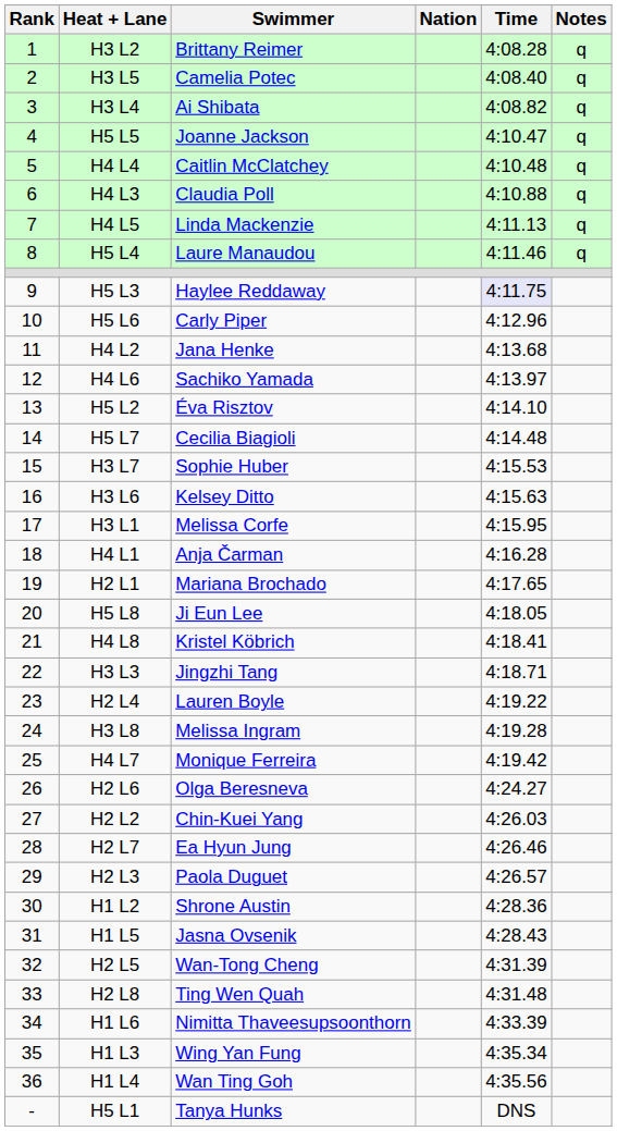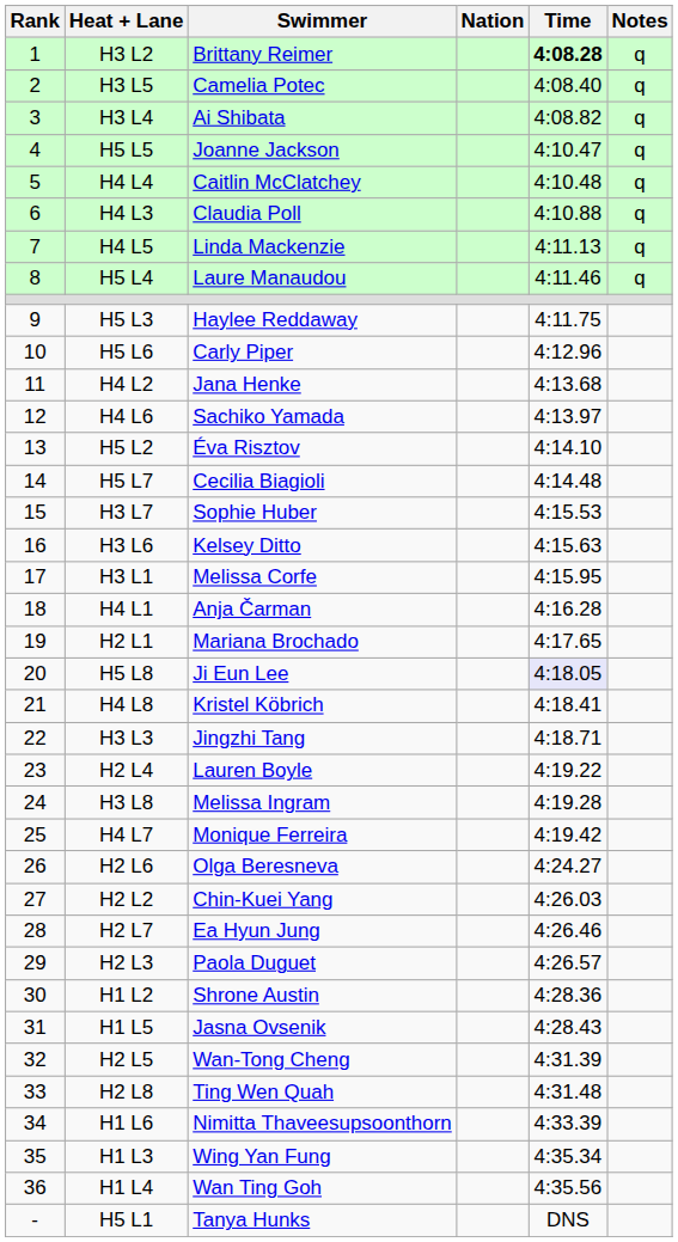 <table class="wikitable sortable" style="text-align:center">
 <tr>
 <th>Rank</th>
 <th>Heat + Lane</th>
 <th>Swimmer</th>
 <th>Nation</th>
 <th>Time</th>
 <th>Notes</th>
 </tr>
 <tr bgcolor=ccffcc>
 <td>1</td>
 <td>H3 L2</td>
 <td align=left><a href='#'>Brittany Reimer</a></td>
 <td align=left></td>
-<td>4:08.28</td>
+<td><strong>4:08.28</strong></td>
 <td>q</td>
 </tr>
 <tr bgcolor=ccffcc>
 <td>2</td>
 <td>H3 L5</td>
 <td align=left><a href='#'>Camelia Potec</a></td>
 <td align=left></td>
 <td>4:08.40</td>
 <td>q</td>
 </tr>
 <tr bgcolor=ccffcc>
 <td>3</td>
 <td>H3 L4</td>
 <td align=left><a href='#'>Ai Shibata</a></td>
 <td align=left></td>
 <td>4:08.82</td>
 <td>q</td>
 </tr>
 <tr bgcolor=ccffcc>
 <td>4</td>
 <td>H5 L5</td>
 <td align=left><a href='#'>Joanne Jackson</a></td>
 <td align=left></td>
 <td>4:10.47</td>
 <td>q</td>
 </tr>
 <tr bgcolor=ccffcc>
 <td>5</td>
 <td>H4 L4</td>
 <td align=left><a href='#'>Caitlin McClatchey</a></td>
 <td align=left></td>
 <td>4:10.48</td>
 <td>q</td>
 </tr>
 <tr bgcolor=ccffcc>
 <td>6</td>
 <td>H4 L3</td>
 <td align=left><a href='#'>Claudia Poll</a></td>
 <td align=left></td>
 <td>4:10.88</td>
 <td>q</td>
 </tr>
 <tr bgcolor=ccffcc>
 <td>7</td>
 <td>H4 L5</td>
 <td align=left><a href='#'>Linda Mackenzie</a></td>
 <td align=left></td>
 <td>4:11.13</td>
 <td>q</td>
 </tr>
 <tr bgcolor=ccffcc>
 <td>8</td>
 <td>H5 L4</td>
 <td align=left><a href='#'>Laure Manaudou</a></td>
 <td align=left></td>
 <td>4:11.46</td>
 <td>q</td>
 </tr>
 <tr bgcolor=#DDDDDD>
 <td colspan=6></td>
 </tr>
 <tr>
 <td>9</td>
 <td>H5 L3</td>
 <td align=left><a href='#'>Haylee Reddaway</a></td>
 <td align=left></td>
-<td style="background: lavender;">4:11.75</td>
+<td>4:11.75</td>
 <td></td>
 </tr>
 <tr>
 <td>10</td>
 <td>H5 L6</td>
 <td align=left><a href='#'>Carly Piper</a></td>
 <td align=left></td>
 <td>4:12.96</td>
 <td></td>
 </tr>
 <tr>
 <td>11</td>
 <td>H4 L2</td>
 <td align=left><a href='#'>Jana Henke</a></td>
 <td align=left></td>
 <td>4:13.68</td>
 <td></td>
 </tr>
 <tr>
 <td>12</td>
 <td>H4 L6</td>
 <td align=left><a href='#'>Sachiko Yamada</a></td>
 <td align=left></td>
 <td>4:13.97</td>
 <td></td>
 </tr>
 <tr>
 <td>13</td>
 <td>H5 L2</td>
 <td align=left><a href='#'>Éva Risztov</a></td>
 <td align=left></td>
 <td>4:14.10</td>
 <td></td>
 </tr>
 <tr>
 <td>14</td>
 <td>H5 L7</td>
 <td align=left><a href='#'>Cecilia Biagioli</a></td>
 <td align=left></td>
 <td>4:14.48</td>
 <td></td>
 </tr>
 <tr>
 <td>15</td>
 <td>H3 L7</td>
 <td align=left><a href='#'>Sophie Huber</a></td>
 <td align=left></td>
 <td>4:15.53</td>
 <td></td>
 </tr>
 <tr>
 <td>16</td>
 <td>H3 L6</td>
 <td align=left><a href='#'>Kelsey Ditto</a></td>
 <td align=left></td>
 <td>4:15.63</td>
 <td></td>
 </tr>
 <tr>
 <td>17</td>
 <td>H3 L1</td>
 <td align=left><a href='#'>Melissa Corfe</a></td>
 <td align=left></td>
 <td>4:15.95</td>
 <td></td>
 </tr>
 <tr>
 <td>18</td>
 <td>H4 L1</td>
 <td align=left><a href='#'>Anja Čarman</a></td>
 <td align=left></td>
 <td>4:16.28</td>
 <td></td>
 </tr>
 <tr>
 <td>19</td>
 <td>H2 L1</td>
 <td align=left><a href='#'>Mariana Brochado</a></td>
 <td align=left></td>
 <td>4:17.65</td>
 <td></td>
 </tr>
 <tr>
 <td>20</td>
 <td>H5 L8</td>
 <td align=left><a href='#'>Ji Eun Lee</a></td>
 <td align=left></td>
-<td>4:18.05</td>
+<td style="background: lavender;">4:18.05</td>
 <td></td>
 </tr>
 <tr>
 <td>21</td>
 <td>H4 L8</td>
 <td align=left><a href='#'>Kristel Köbrich</a></td>
 <td align=left></td>
 <td>4:18.41</td>
 <td></td>
 </tr>
 <tr>
 <td>22</td>
 <td>H3 L3</td>
 <td align=left><a href='#'>Jingzhi Tang</a></td>
 <td align=left></td>
 <td>4:18.71</td>
 <td></td>
 </tr>
 <tr>
 <td>23</td>
 <td>H2 L4</td>
 <td align=left><a href='#'>Lauren Boyle</a></td>
 <td align=left></td>
 <td>4:19.22</td>
 <td></td>
 </tr>
 <tr>
 <td>24</td>
 <td>H3 L8</td>
 <td align=left><a href='#'>Melissa Ingram</a></td>
 <td align=left></td>
 <td>4:19.28</td>
 <td></td>
 </tr>
 <tr>
 <td>25</td>
 <td>H4 L7</td>
 <td align=left><a href='#'>Monique Ferreira</a></td>
 <td align=left></td>
 <td>4:19.42</td>
 <td></td>
 </tr>
 <tr>
 <td>26</td>
 <td>H2 L6</td>
 <td align=left><a href='#'>Olga Beresneva</a></td>
 <td align=left></td>
 <td>4:24.27</td>
 <td></td>
 </tr>
 <tr>
 <td>27</td>
 <td>H2 L2</td>
 <td align=left><a href='#'>Chin-Kuei Yang</a></td>
 <td align=left></td>
 <td>4:26.03</td>
 <td></td>
 </tr>
 <tr>
 <td>28</td>
 <td>H2 L7</td>
 <td align=left><a href='#'>Ea Hyun Jung</a></td>
 <td align=left></td>
 <td>4:26.46</td>
 <td></td>
 </tr>
 <tr>
 <td>29</td>
 <td>H2 L3</td>
 <td align=left><a href='#'>Paola Duguet</a></td>
 <td align=left></td>
 <td>4:26.57</td>
 <td></td>
 </tr>
 <tr>
 <td>30</td>
 <td>H1 L2</td>
 <td align=left><a href='#'>Shrone Austin</a></td>
 <td align=left></td>
 <td>4:28.36</td>
 <td></td>
 </tr>
 <tr>
 <td>31</td>
 <td>H1 L5</td>
 <td align=left><a href='#'>Jasna Ovsenik</a></td>
 <td align=left></td>
 <td>4:28.43</td>
 <td></td>
 </tr>
 <tr>
 <td>32</td>
 <td>H2 L5</td>
 <td align=left><a href='#'>Wan-Tong Cheng</a></td>
 <td align=left></td>
 <td>4:31.39</td>
 <td></td>
 </tr>
 <tr>
 <td>33</td>
 <td>H2 L8</td>
 <td align=left><a href='#'>Ting Wen Quah</a></td>
 <td align=left></td>
 <td>4:31.48</td>
 <td></td>
 </tr>
 <tr>
 <td>34</td>
 <td>H1 L6</td>
 <td align=left><a href='#'>Nimitta Thaveesupsoonthorn</a></td>
 <td align=left></td>
 <td>4:33.39</td>
 <td></td>
 </tr>
 <tr>
 <td>35</td>
 <td>H1 L3</td>
 <td align=left><a href='#'>Wing Yan Fung</a></td>
 <td align=left></td>
 <td>4:35.34</td>
 <td></td>
 </tr>
 <tr>
 <td>36</td>
 <td>H1 L4</td>
 <td align=left><a href='#'>Wan Ting Goh</a></td>
 <td align=left></td>
 <td>4:35.56</td>
 <td></td>
 </tr>
 <tr>
 <td>-</td>
 <td>H5 L1</td>
 <td align=left><a href='#'>Tanya Hunks</a></td>
 <td align=left></td>
 <td>DNS</td>
 <td></td>
 </tr>
 <tr>
 </tr>
 </table>
